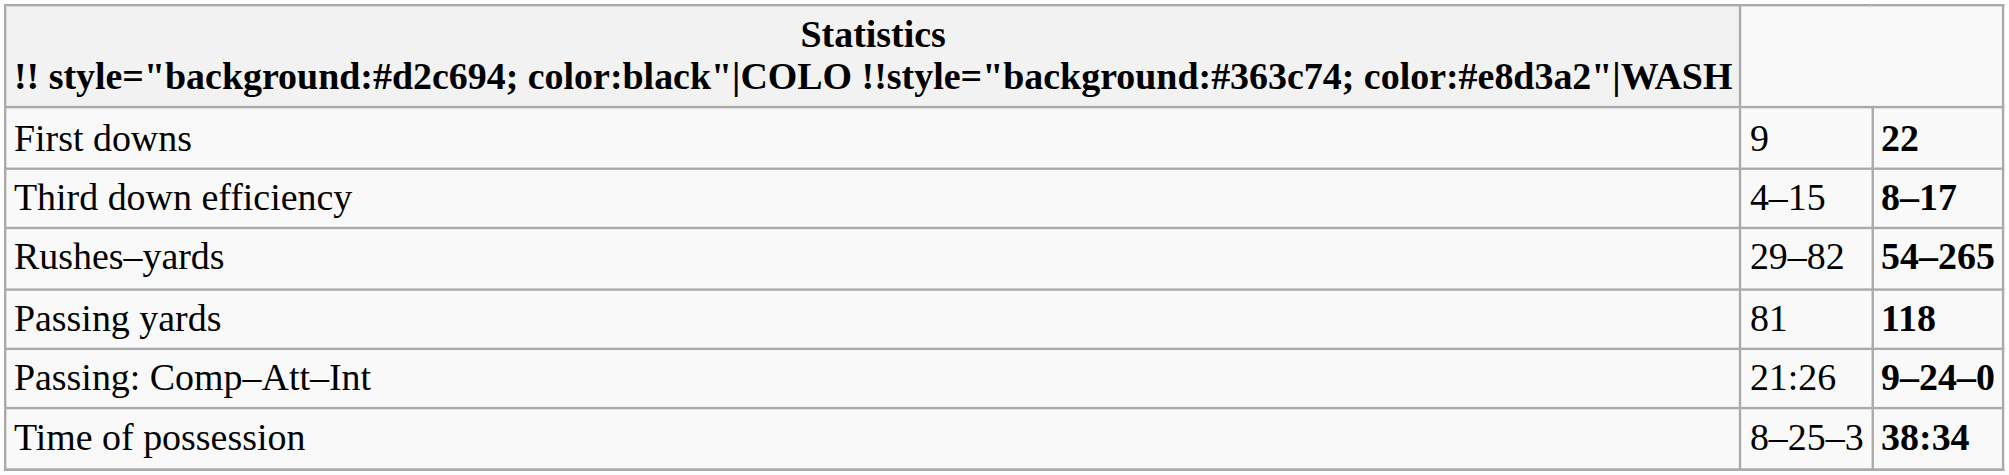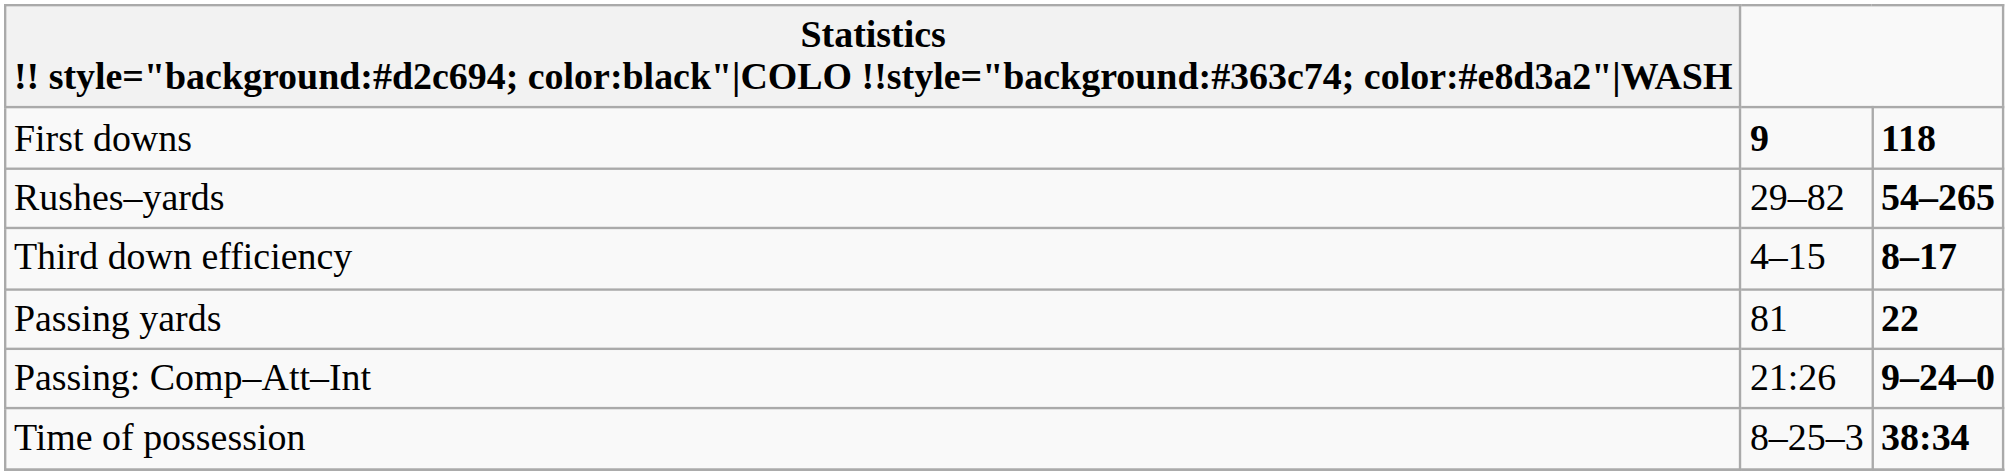 <table class="wikitable">
 <tr>
 <th>Statistics<br> !! style="background:#d2c694; color:black"|COLO !!style="background:#363c74; color:#e8d3a2"|WASH</th>
 </tr>
 <tr>
 <td>First downs</td>
-<td>9</td>
-<td><strong>22</strong></td>
+<td><strong>9</strong></td>
+<td><strong>118</strong></td>
+</tr>
+<tr>
+<td>Rushes–yards</td>
+<td>29–82</td>
+<td><strong>54–265</strong></td>
 </tr>
 <tr>
 <td>Third down efficiency</td>
 <td>4–15</td>
 <td><strong>8–17</strong></td>
 </tr>
 <tr>
-<td>Rushes–yards</td>
-<td>29–82</td>
-<td><strong>54–265</strong></td>
-</tr>
-<tr>
 <td>Passing yards</td>
 <td>81</td>
-<td><strong>118</strong></td>
+<td><strong>22</strong></td>
 </tr>
 <tr>
 <td>Passing: Comp–Att–Int</td>
 <td>21:26</td>
 <td><strong>9–24–0</strong></td>
 </tr>
 <tr>
 <td>Time of possession</td>
 <td>8–25–3</td>
 <td><strong>38:34</strong></td>
 </tr>
 <tr>
 </tr>
 </table>
